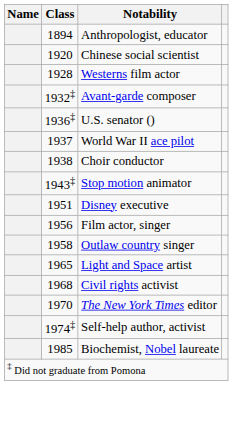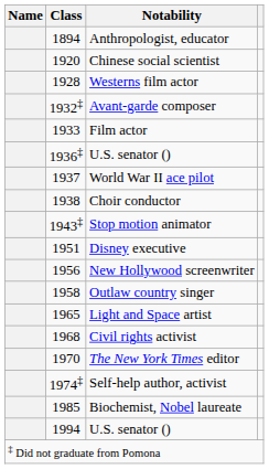 <table class="wikitable sortable plainrowheaders floatleft" style="border:2px solid #">
 <tr>
 <th scope="col">Name</th>
 <th scope="col">Class</th>
 <th scope="col">Notability</th>
 <th scope="col"></th>
 </tr>
 <tr>
 <th scope="row"></th>
 <td style="text-align:center;">1894</td>
 <td>Anthropologist, educator</td>
 <td style="text-align:center;"></td>
 </tr>
 <tr>
 <th scope="row"></th>
 <td style="text-align:center;">1920</td>
 <td>Chinese social scientist</td>
 <td style="text-align:center;"></td>
 </tr>
 <tr>
 <th scope="row"></th>
 <td style="text-align:center;">1928</td>
 <td><a href='#'>Westerns</a> film actor</td>
 <td style="text-align:center;"></td>
 </tr>
 <tr>
 <th scope="row"></th>
 <td style="text-align:center;">1932<sup>‡</sup></td>
 <td><a href='#'>Avant-garde</a> composer</td>
+<td style="text-align:center;"></td>
+</tr>
+<tr>
+<th scope="row"></th>
+<td style="text-align:center;">1933</td>
+<td>Film actor</td>
 <td style="text-align:center;"></td>
 </tr>
 <tr>
 <th scope="row"></th>
 <td style="text-align:center;">1936<sup>‡</sup></td>
 <td>U.S. senator ()</td>
 <td style="text-align:center;"></td>
 </tr>
 <tr>
 <th scope="row"></th>
 <td style="text-align:center;">1937</td>
 <td>World War II <a href='#'>ace pilot</a></td>
 <td style="text-align:center;"></td>
 </tr>
 <tr>
 <th scope="row"></th>
 <td style="text-align:center;">1938</td>
 <td>Choir conductor</td>
 <td style="text-align:center;"></td>
 </tr>
 <tr>
 <th scope="row"></th>
 <td style="text-align:center;">1943<sup>‡</sup></td>
 <td><a href='#'>Stop motion</a> animator</td>
 <td style="text-align:center;"></td>
 </tr>
 <tr>
 <th scope="row"></th>
 <td style="text-align:center;">1951</td>
 <td><a href='#'>Disney</a> executive</td>
 <td style="text-align:center;"></td>
 </tr>
 <tr>
 <th scope="row"></th>
 <td style="text-align:center;">1956</td>
-<td>Film actor, singer</td>
+<td><a href='#'>New Hollywood</a> screenwriter</td>
 <td style="text-align:center;"></td>
 </tr>
 <tr>
 <th scope="row"></th>
 <td style="text-align:center;">1958</td>
 <td><a href='#'>Outlaw country</a> singer</td>
 <td style="text-align:center;"></td>
 </tr>
 <tr>
 <th scope="row"></th>
 <td style="text-align:center;">1965</td>
 <td><a href='#'>Light and Space</a> artist</td>
 <td style="text-align:center;"></td>
 </tr>
 <tr>
 <th scope="row"></th>
 <td style="text-align:center;">1968</td>
 <td><a href='#'>Civil rights</a> activist</td>
 <td style="text-align:center;"></td>
 </tr>
 <tr>
 <th scope="row"></th>
 <td style="text-align:center;">1970</td>
 <td><em><a href='#'>The New York Times</a></em> editor</td>
 <td style="text-align:center;"></td>
 </tr>
 <tr>
 <th scope="row"></th>
 <td style="text-align:center;">1974<sup>‡</sup></td>
 <td>Self-help author, activist</td>
 <td style="text-align:center;"></td>
 </tr>
 <tr>
 <th scope="row"></th>
 <td style="text-align:center;">1985</td>
 <td>Biochemist, <a href='#'>Nobel</a> laureate</td>
 <td style="text-align:center;"></td>
 </tr>
+<tr>
+<th scope="row"></th>
+<td style="text-align:center;">1994</td>
+<td>U.S. senator ()</td>
+<td style="text-align:center;"></td>
+</tr>
 <tr class="sortbottom">
 <td colspan="4"><small><sup>‡</sup> Did not graduate from Pomona</small></td>
 </tr>
 </table>
